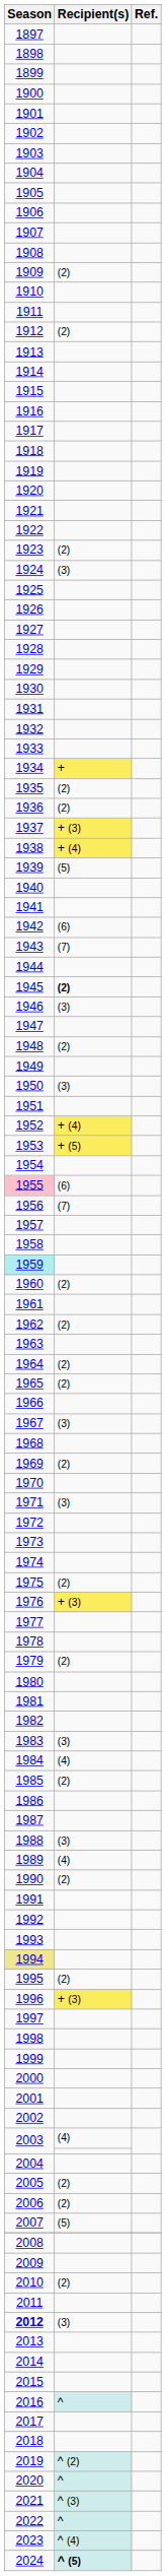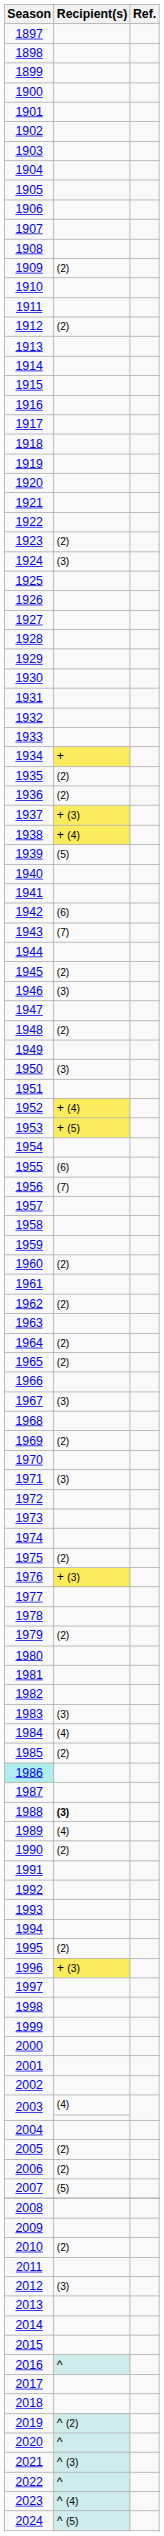 <table class="wikitable sortable" style="text-align:center">
 <tr>
 <th>Season</th>
 <th>Recipient(s)</th>
 <th class=unsortable>Ref.</th>
 </tr>
 <tr>
 <td><a href='#'>1897</a></td>
 <td></td>
 <td></td>
 </tr>
 <tr>
 <td><a href='#'>1898</a></td>
 <td></td>
 <td></td>
 </tr>
 <tr>
 <td><a href='#'>1899</a></td>
 <td></td>
 <td></td>
 </tr>
 <tr>
 <td><a href='#'>1900</a></td>
 <td></td>
 <td></td>
 </tr>
 <tr>
 <td><a href='#'>1901</a></td>
 <td align=left></td>
 <td></td>
 </tr>
 <tr>
 <td><a href='#'>1902</a></td>
 <td align=left></td>
 <td></td>
 </tr>
 <tr>
 <td><a href='#'>1903</a></td>
 <td></td>
 <td></td>
 </tr>
 <tr>
 <td><a href='#'>1904</a></td>
 <td></td>
 <td></td>
 </tr>
 <tr>
 <td><a href='#'>1905</a></td>
 <td></td>
 <td></td>
 </tr>
 <tr>
 <td><a href='#'>1906</a></td>
 <td align=left></td>
 <td></td>
 </tr>
 <tr>
 <td><a href='#'>1907</a></td>
 <td></td>
 <td></td>
 </tr>
 <tr>
 <td><a href='#'>1908</a></td>
 <td align=left></td>
 <td></td>
 </tr>
 <tr>
 <td><a href='#'>1909</a></td>
 <td align=left> <small>(2)</small></td>
 <td></td>
 </tr>
 <tr>
 <td><a href='#'>1910</a></td>
 <td></td>
 <td></td>
 </tr>
 <tr>
 <td><a href='#'>1911</a></td>
 <td align=left></td>
 <td></td>
 </tr>
 <tr>
 <td><a href='#'>1912</a></td>
 <td align=left> <small>(2)</small></td>
 <td></td>
 </tr>
 <tr>
 <td><a href='#'>1913</a></td>
 <td align=left></td>
 <td></td>
 </tr>
 <tr>
 <td><a href='#'>1914</a></td>
 <td></td>
 <td></td>
 </tr>
 <tr>
 <td><a href='#'>1915</a></td>
 <td></td>
 <td></td>
 </tr>
 <tr>
 <td><a href='#'>1916</a></td>
 <td></td>
 <td></td>
 </tr>
 <tr>
 <td><a href='#'>1917</a></td>
 <td></td>
 <td></td>
 </tr>
 <tr>
 <td><a href='#'>1918</a></td>
 <td></td>
 <td></td>
 </tr>
 <tr>
 <td><a href='#'>1919</a></td>
 <td></td>
 <td></td>
 </tr>
 <tr>
 <td><a href='#'>1920</a></td>
 <td align=left></td>
 <td></td>
 </tr>
 <tr>
 <td><a href='#'>1921</a></td>
 <td></td>
 <td></td>
 </tr>
 <tr>
 <td><a href='#'>1922</a></td>
 <td align=left></td>
 <td></td>
 </tr>
 <tr>
 <td><a href='#'>1923</a></td>
 <td align=left> <small>(2)</small></td>
 <td></td>
 </tr>
 <tr>
 <td><a href='#'>1924</a></td>
 <td align=left> <small>(3)</small></td>
 <td></td>
 </tr>
 <tr>
 <td><a href='#'>1925</a></td>
 <td align=left></td>
 <td></td>
 </tr>
 <tr>
 <td><a href='#'>1926</a></td>
 <td align=left></td>
 <td></td>
 </tr>
 <tr>
 <td><a href='#'>1927</a></td>
 <td align=left></td>
 <td></td>
 </tr>
 <tr>
 <td><a href='#'>1928</a></td>
 <td align=left></td>
 <td></td>
 </tr>
 <tr>
 <td><a href='#'>1929</a></td>
 <td align=left></td>
 <td></td>
 </tr>
 <tr>
 <td><a href='#'>1930</a></td>
 <td align=left></td>
 <td></td>
 </tr>
 <tr>
 <td><a href='#'>1931</a></td>
 <td align=left></td>
 <td></td>
 </tr>
 <tr>
 <td><a href='#'>1932</a></td>
 <td align=left></td>
 <td></td>
 </tr>
 <tr>
 <td><a href='#'>1933</a></td>
 <td align=left></td>
 <td></td>
 </tr>
 <tr>
 <td><a href='#'>1934</a></td>
 <td style="text-align:left; background:#fbec5d;">+</td>
 <td></td>
 </tr>
 <tr>
 <td><a href='#'>1935</a></td>
 <td align=left> <small>(2)</small></td>
 <td></td>
 </tr>
 <tr>
 <td><a href='#'>1936</a></td>
 <td align=left> <small>(2)</small></td>
 <td></td>
 </tr>
 <tr>
 <td><a href='#'>1937</a></td>
 <td style="text-align:left; background:#fbec5d;">+ <small>(3)</small></td>
 <td></td>
 </tr>
 <tr>
 <td><a href='#'>1938</a></td>
 <td style="text-align:left; background:#fbec5d;">+ <small>(4)</small></td>
 <td></td>
 </tr>
 <tr>
 <td><a href='#'>1939</a></td>
 <td align=left> <small>(5)</small></td>
 <td></td>
 </tr>
 <tr>
 <td><a href='#'>1940</a></td>
 <td align=left></td>
 <td></td>
 </tr>
 <tr>
 <td><a href='#'>1941</a></td>
 <td align=left></td>
 <td></td>
 </tr>
 <tr>
 <td><a href='#'>1942</a></td>
 <td align=left> <small>(6)</small></td>
 <td></td>
 </tr>
 <tr>
 <td><a href='#'>1943</a></td>
 <td align=left> <small>(7)</small></td>
 <td></td>
 </tr>
 <tr>
 <td><a href='#'>1944</a></td>
 <td align=left></td>
 <td></td>
 </tr>
 <tr>
 <td><a href='#'>1945</a></td>
-<td align=left><strong> <small>(2)</small></strong></td>
+<td align=left> <small>(2)</small></td>
 <td></td>
 </tr>
 <tr>
 <td><a href='#'>1946</a></td>
 <td align=left> <small>(3)</small></td>
 <td></td>
 </tr>
 <tr>
 <td><a href='#'>1947</a></td>
 <td align=left></td>
 <td></td>
 </tr>
 <tr>
 <td><a href='#'>1948</a></td>
 <td align=left> <small>(2)</small></td>
 <td></td>
 </tr>
 <tr>
 <td><a href='#'>1949</a></td>
 <td align=left></td>
 <td></td>
 </tr>
 <tr>
 <td><a href='#'>1950</a></td>
 <td align=left> <small>(3)</small></td>
 <td></td>
 </tr>
 <tr>
 <td><a href='#'>1951</a></td>
 <td align=left></td>
 <td></td>
 </tr>
 <tr>
 <td><a href='#'>1952</a></td>
 <td style="text-align:left; background:#fbec5d;">+ <small>(4)</small></td>
 <td></td>
 </tr>
 <tr>
 <td><a href='#'>1953</a></td>
 <td style="text-align:left; background:#fbec5d;">+ <small>(5)</small></td>
 <td></td>
 </tr>
 <tr>
 <td><a href='#'>1954</a></td>
 <td align=left></td>
 <td></td>
 </tr>
 <tr>
-<td style="background: pink;"><a href='#'>1955</a></td>
+<td><a href='#'>1955</a></td>
 <td align=left> <small>(6)</small></td>
 <td></td>
 </tr>
 <tr>
 <td><a href='#'>1956</a></td>
 <td align=left> <small>(7)</small></td>
 <td></td>
 </tr>
 <tr>
 <td><a href='#'>1957</a></td>
 <td align=left></td>
 <td></td>
 </tr>
 <tr>
 <td><a href='#'>1958</a></td>
 <td align=left></td>
 <td></td>
 </tr>
 <tr>
-<td style="background: paleturquoise;"><a href='#'>1959</a></td>
+<td><a href='#'>1959</a></td>
 <td align=left></td>
 <td></td>
 </tr>
 <tr>
 <td><a href='#'>1960</a></td>
 <td align=left> <small>(2)</small></td>
 <td></td>
 </tr>
 <tr>
 <td><a href='#'>1961</a></td>
 <td align=left></td>
 <td></td>
 </tr>
 <tr>
 <td><a href='#'>1962</a></td>
 <td align=left> <small>(2)</small></td>
 <td></td>
 </tr>
 <tr>
 <td><a href='#'>1963</a></td>
 <td align=left></td>
 <td></td>
 </tr>
 <tr>
 <td><a href='#'>1964</a></td>
 <td align=left> <small>(2)</small></td>
 <td></td>
 </tr>
 <tr>
 <td><a href='#'>1965</a></td>
 <td align=left> <small>(2)</small></td>
 <td></td>
 </tr>
 <tr>
 <td><a href='#'>1966</a></td>
 <td align=left></td>
 <td></td>
 </tr>
 <tr>
 <td><a href='#'>1967</a></td>
 <td align=left> <small>(3)</small></td>
 <td></td>
 </tr>
 <tr>
 <td><a href='#'>1968</a></td>
 <td align=left></td>
 <td></td>
 </tr>
 <tr>
 <td><a href='#'>1969</a></td>
 <td align=left> <small>(2)</small></td>
 <td></td>
 </tr>
 <tr>
 <td><a href='#'>1970</a></td>
 <td align=left></td>
 <td></td>
 </tr>
 <tr>
 <td><a href='#'>1971</a></td>
 <td align=left> <small>(3)</small></td>
 <td></td>
 </tr>
 <tr>
 <td><a href='#'>1972</a></td>
 <td align=left></td>
 <td></td>
 </tr>
 <tr>
 <td><a href='#'>1973</a></td>
 <td align=left></td>
 <td></td>
 </tr>
 <tr>
 <td><a href='#'>1974</a></td>
 <td align=left></td>
 <td></td>
 </tr>
 <tr>
 <td><a href='#'>1975</a></td>
 <td align=left> <small>(2)</small></td>
 <td></td>
 </tr>
 <tr>
 <td><a href='#'>1976</a></td>
 <td style="text-align:left; background:#fbec5d;">+ <small>(3)</small></td>
 <td></td>
 </tr>
 <tr>
 <td><a href='#'>1977</a></td>
 <td align=left></td>
 <td></td>
 </tr>
 <tr>
 <td><a href='#'>1978</a></td>
 <td align=left></td>
 <td></td>
 </tr>
 <tr>
 <td><a href='#'>1979</a></td>
 <td align=left> <small>(2)</small></td>
 <td></td>
 </tr>
 <tr>
 <td><a href='#'>1980</a></td>
 <td align=left></td>
 <td></td>
 </tr>
 <tr>
 <td><a href='#'>1981</a></td>
 <td align=left></td>
 <td></td>
 </tr>
 <tr>
 <td><a href='#'>1982</a></td>
 <td align=left></td>
 <td></td>
 </tr>
 <tr>
 <td><a href='#'>1983</a></td>
 <td align=left> <small>(3)</small></td>
 <td></td>
 </tr>
 <tr>
 <td><a href='#'>1984</a></td>
 <td align=left> <small>(4)</small></td>
 <td></td>
 </tr>
 <tr>
 <td><a href='#'>1985</a></td>
 <td align=left> <small>(2)</small></td>
 <td></td>
 </tr>
 <tr>
-<td><a href='#'>1986</a></td>
+<td style="background: paleturquoise;"><a href='#'>1986</a></td>
 <td align=left></td>
 <td></td>
 </tr>
 <tr>
 <td><a href='#'>1987</a></td>
 <td align=left></td>
 <td></td>
 </tr>
 <tr>
 <td><a href='#'>1988</a></td>
-<td align=left> <small>(3)</small></td>
+<td align=left><strong> <small>(3)</small></strong></td>
 <td></td>
 </tr>
 <tr>
 <td><a href='#'>1989</a></td>
 <td align=left> <small>(4)</small></td>
 <td></td>
 </tr>
 <tr>
 <td><a href='#'>1990</a></td>
 <td align=left> <small>(2)</small></td>
 <td></td>
 </tr>
 <tr>
 <td><a href='#'>1991</a></td>
 <td align=left></td>
 <td></td>
 </tr>
 <tr>
 <td><a href='#'>1992</a></td>
 <td align=left></td>
 <td></td>
 </tr>
 <tr>
 <td><a href='#'>1993</a></td>
 <td align=left></td>
 <td></td>
 </tr>
 <tr>
-<td style="background: khaki;"><a href='#'>1994</a></td>
+<td><a href='#'>1994</a></td>
 <td align=left></td>
 <td></td>
 </tr>
 <tr>
 <td><a href='#'>1995</a></td>
 <td align=left> <small>(2)</small></td>
 <td></td>
 </tr>
 <tr>
 <td><a href='#'>1996</a></td>
 <td style="text-align:left; background:#fbec5d;">+ <small>(3)</small></td>
 <td></td>
 </tr>
 <tr>
 <td><a href='#'>1997</a></td>
 <td align=left></td>
 <td></td>
 </tr>
 <tr>
 <td><a href='#'>1998</a></td>
 <td align=left></td>
 <td></td>
 </tr>
 <tr>
 <td><a href='#'>1999</a></td>
 <td align=left></td>
 <td></td>
 </tr>
 <tr>
 <td><a href='#'>2000</a></td>
 <td align=left></td>
 <td></td>
 </tr>
 <tr>
 <td><a href='#'>2001</a></td>
 <td align=left></td>
 <td></td>
 </tr>
 <tr>
 <td><a href='#'>2002</a></td>
 <td align=left></td>
 <td></td>
 </tr>
 <tr>
 <td rowspan=2><a href='#'>2003</a></td>
 <td align=left> <small>(4)</small></td>
 <td rowspan=2></td>
 </tr>
 <tr>
 <td align=left></td>
 </tr>
 <tr>
 <td><a href='#'>2004</a></td>
 <td align=left></td>
 <td></td>
 </tr>
 <tr>
 <td><a href='#'>2005</a></td>
 <td align=left> <small>(2)</small></td>
 <td></td>
 </tr>
 <tr>
 <td><a href='#'>2006</a></td>
 <td align=left> <small>(2)</small></td>
 <td></td>
 </tr>
 <tr>
 <td><a href='#'>2007</a></td>
 <td align=left> <small>(5)</small></td>
 <td></td>
 </tr>
 <tr>
 </tr>
 <tr>
 <td><a href='#'>2008</a></td>
 <td align=left></td>
 <td></td>
 </tr>
 <tr>
 <td><a href='#'>2009</a></td>
 <td align=left></td>
 <td></td>
 </tr>
 <tr>
 <td><a href='#'>2010</a></td>
 <td align=left> <small>(2)</small></td>
 <td></td>
 </tr>
 <tr>
 <td><a href='#'>2011</a></td>
 <td style="text-align:left;"></td>
 <td></td>
 </tr>
 <tr>
-<td><strong><a href='#'>2012</a></strong></td>
+<td><a href='#'>2012</a></td>
 <td align=left> <small>(3)</small></td>
 <td></td>
 </tr>
 <tr>
 <td><a href='#'>2013</a></td>
 <td align=left></td>
 <td></td>
 </tr>
 <tr>
 <td><a href='#'>2014</a></td>
 <td align=left></td>
 <td></td>
 </tr>
 <tr>
 <td><a href='#'>2015</a></td>
 <td style="text-align:left;"></td>
 <td></td>
 </tr>
 <tr>
 <td><a href='#'>2016</a></td>
 <td style="text-align:left; background:#cfecec;">^</td>
 <td></td>
 </tr>
 <tr>
 <td><a href='#'>2017</a></td>
 <td style="text-align:left"></td>
 <td></td>
 </tr>
 <tr>
 <td><a href='#'>2018</a></td>
 <td style="text-align:left"></td>
 <td></td>
 </tr>
 <tr>
 <td><a href='#'>2019</a></td>
 <td style="text-align:left; background:#cfecec;">^ <small>(2)</small></td>
 <td></td>
 </tr>
 <tr>
 <td><a href='#'>2020</a></td>
 <td style="text-align:left; background:#cfecec;">^</td>
 <td></td>
 </tr>
 <tr>
 <td><a href='#'>2021</a></td>
 <td style="text-align:left; background:#cfecec;">^ <small>(3)</small></td>
 <td></td>
 </tr>
 <tr>
 <td><a href='#'>2022</a></td>
 <td style="text-align:left; background:#cfecec;">^</td>
 </tr>
 <tr>
 <td><a href='#'>2023</a></td>
 <td style="text-align:left; background:#cfecec;">^ <small>(4)</small></td>
 <td></td>
 </tr>
 <tr>
 <td><a href='#'>2024</a></td>
-<td style="text-align:left; background:#cfecec;"><strong>^ <small>(5)</small></strong></td>
+<td style="text-align:left; background:#cfecec;">^ <small>(5)</small></td>
 <td></td>
 </tr>
 </table>
